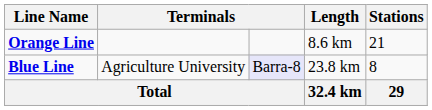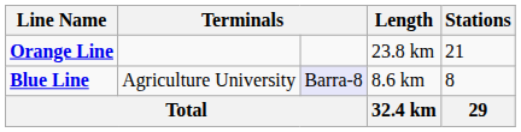 <table class="wikitable">
 <tr>
 <th>Line Name</th>
 <th colspan="2">Terminals</th>
 <th>Length</th>
 <th>Stations</th>
 </tr>
 <tr>
 <td style="background:#"><strong><a href='#'><span>Orange Line</span></a></strong></td>
 <td></td>
 <td></td>
-<td>8.6 km</td>
+<td>23.8 km</td>
 <td>21</td>
 </tr>
 <tr>
 <td style="background:#"><strong><a href='#'><span>Blue Line</span></a></strong></td>
 <td>Agriculture University</td>
 <td style="background: lavender;">Barra-8</td>
-<td>23.8 km</td>
+<td>8.6 km</td>
 <td>8</td>
 </tr>
 <tr>
 <th colspan="3"><strong>Total</strong></th>
 <th>32.4 km</th>
 <th>29</th>
 </tr>
 </table>
